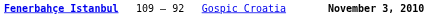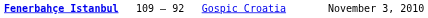 <table style="text-align:center">
 <tr>
 <th width=160></th>
 <th width=100></th>
 <th width=160></th>
 <th width=200></th>
 </tr>
 <tr>
 <td align=right><strong><a href='#'>Fenerbahçe Istanbul</a></strong> </td>
 <td>109 – 92</td>
 <td align=left> <a href='#'>Gospic Croatia</a></td>
-<td align=left><strong>November 3, 2010 </strong></td>
+<td align=left>November 3, 2010 </td>
 </tr>
 </table>
